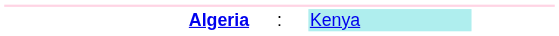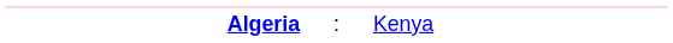 <table style="text-align:center" width=500>
 <tr>
 <th width=15%></th>
 <th width=30%></th>
 <th width=10%></th>
 <th width=30%></th>
 <th width=15%></th>
 </tr>
 <tr align="left" bgcolor=#ffd4e4>
 <td colspan=5></td>
 </tr>
 <tr>
 <td></td>
 <td align="right"><strong><a href='#'>Algeria</a></strong> </td>
 <td>:</td>
-<td align="left" style="background: paleturquoise;"> <a href='#'>Kenya</a></td>
+<td align="left"> <a href='#'>Kenya</a></td>
 <td></td>
 </tr>
 </table>
